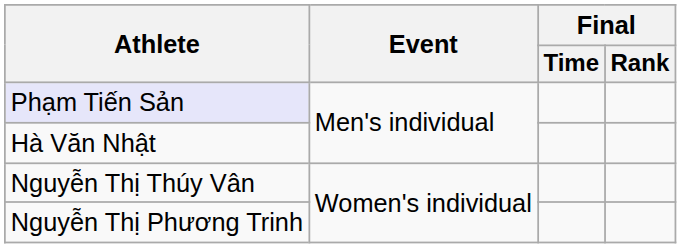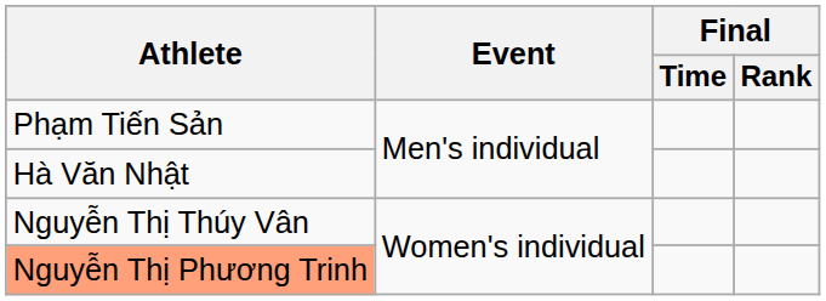 <table class="wikitable" style="font-size:90%">
 <tr>
 <th rowspan="2">Athlete</th>
 <th rowspan="2">Event</th>
 <th colspan="2">Final</th>
 </tr>
 <tr style="font-size:95%">
 <th>Time</th>
 <th>Rank</th>
 </tr>
 <tr align="center">
-<td align="left" style="background: lavender;">Phạm Tiến Sản</td>
+<td align="left">Phạm Tiến Sản</td>
 <td rowspan="2" align="left">Men's individual</td>
 <td></td>
 <td></td>
 </tr>
 <tr align="center">
 <td align="left">Hà Văn Nhật</td>
 <td></td>
 <td></td>
 </tr>
 <tr align="center">
 <td align="left">Nguyễn Thị Thúy Vân</td>
 <td rowspan=2 align="left">Women's individual</td>
 <td></td>
 <td></td>
 </tr>
 <tr align="center">
-<td align="left">Nguyễn Thị Phương Trinh</td>
+<td align="left" style="background: lightsalmon;">Nguyễn Thị Phương Trinh</td>
 <td></td>
 <td></td>
 </tr>
 </table>
